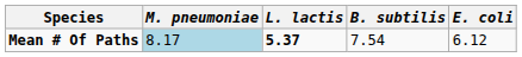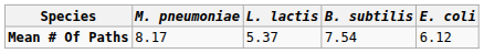 <table class="wikitable">
 <tr>
 <th>Species</th>
 <th><em>M. pneumoniae</em></th>
 <th><em>L. lactis</em></th>
 <th><em>B. subtilis</em></th>
 <th><em>E. coli</em></th>
 </tr>
 <tr>
 <td><strong>Mean # Of Paths</strong></td>
-<td style="background: lightblue;">8.17</td>
-<td><strong>5.37</strong></td>
+<td>8.17</td>
+<td>5.37</td>
 <td>7.54</td>
 <td>6.12</td>
 </tr>
 </table>
